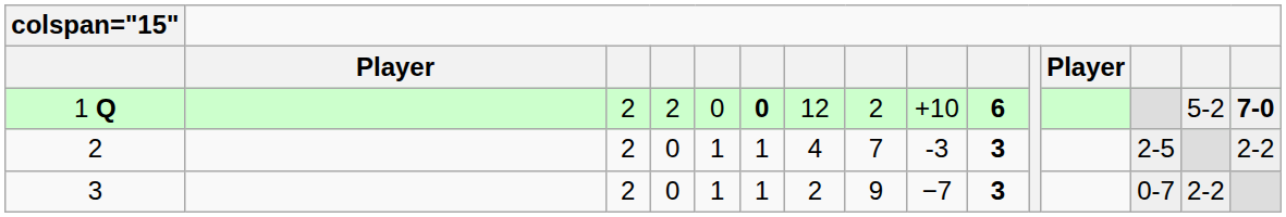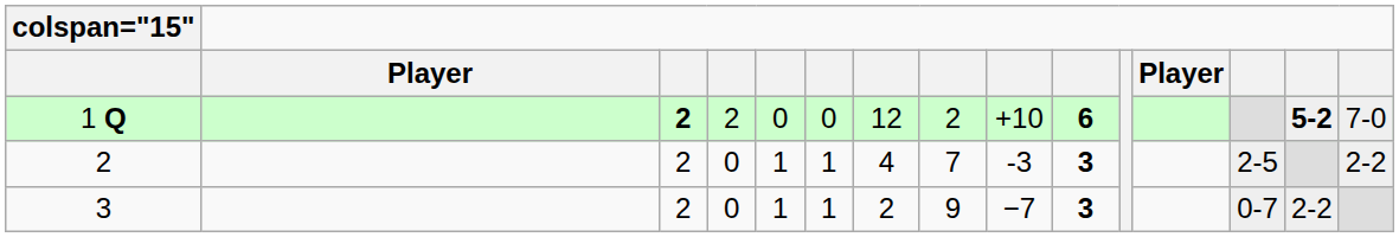 <table class=wikitable style=text-align:center>
 <tr>
 <th>colspan="15" </th>
 </tr>
 <tr>
 <th width=20 abbr=Position></th>
 <th width=250>Player</th>
 <th width=20 abbr=Played></th>
 <th width=20 abbr=Won></th>
 <th width=20 abbr=Drawn></th>
 <th width=20 abbr=Lost></th>
 <th width=30 abbr=Points for></th>
 <th width=30 abbr=Points against></th>
 <th width=30 abbr=Points difference></th>
 <th width=30 abbr=Points></th>
 <th rowspan="4" abbr=H2H></th>
 <th>Player</th>
 <th></th>
 <th></th>
 <th></th>
 </tr>
 <tr bgcolor=#CCFFCC>
 <td>1 <strong>Q</strong></td>
 <td align=left><strong></strong></td>
-<td>2</td>
+<td><strong>2</strong></td>
 <td>2</td>
 <td>0</td>
-<td><strong>0</strong></td>
+<td>0</td>
 <td>12</td>
 <td>2</td>
 <td>+10</td>
 <td><strong>6</strong></td>
 <td></td>
 <td bgcolor="#dddddd"> </td>
-<td bgcolor="#efefef">5-2</td>
-<td bgcolor="#efefef"><strong>7-0</strong></td>
+<td bgcolor="#efefef"><strong>5-2</strong></td>
+<td bgcolor="#efefef">7-0</td>
 </tr>
 <tr>
 <td>2  </td>
 <td align=left><strong></strong></td>
 <td>2</td>
 <td>0</td>
 <td>1</td>
 <td>1</td>
 <td>4</td>
 <td>7</td>
 <td>-3</td>
 <td><strong>3</strong></td>
 <td></td>
 <td bgcolor="#efefef">2-5</td>
 <td bgcolor="#dddddd"> </td>
 <td bgcolor="#efefef">2-2</td>
 </tr>
 <tr>
 <td>3 </td>
 <td align=left></td>
 <td>2</td>
 <td>0</td>
 <td>1</td>
 <td>1</td>
 <td>2</td>
 <td>9</td>
 <td>−7</td>
 <td><strong>3</strong></td>
 <td></td>
 <td bgcolor="#efefef">0-7</td>
 <td bgcolor="#efefef">2-2</td>
 <td bgcolor="#dddddd"> </td>
 </tr>
 </table>
